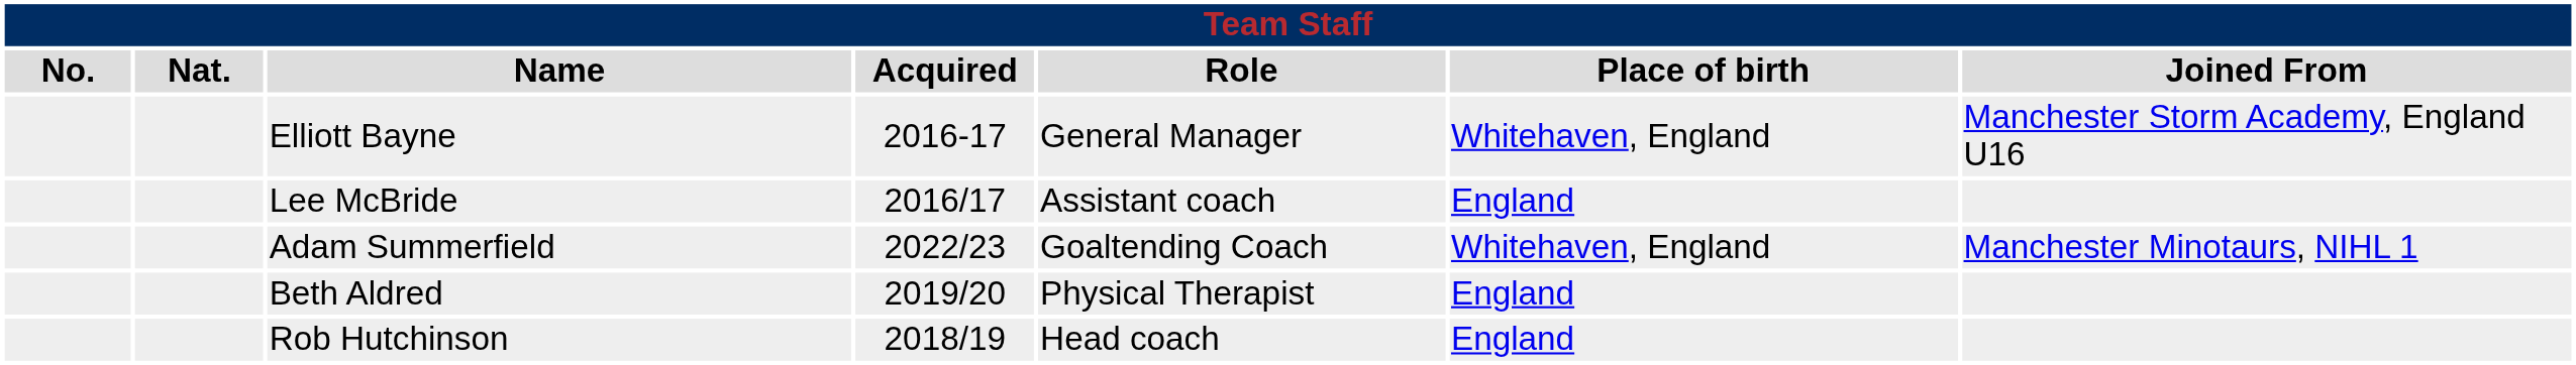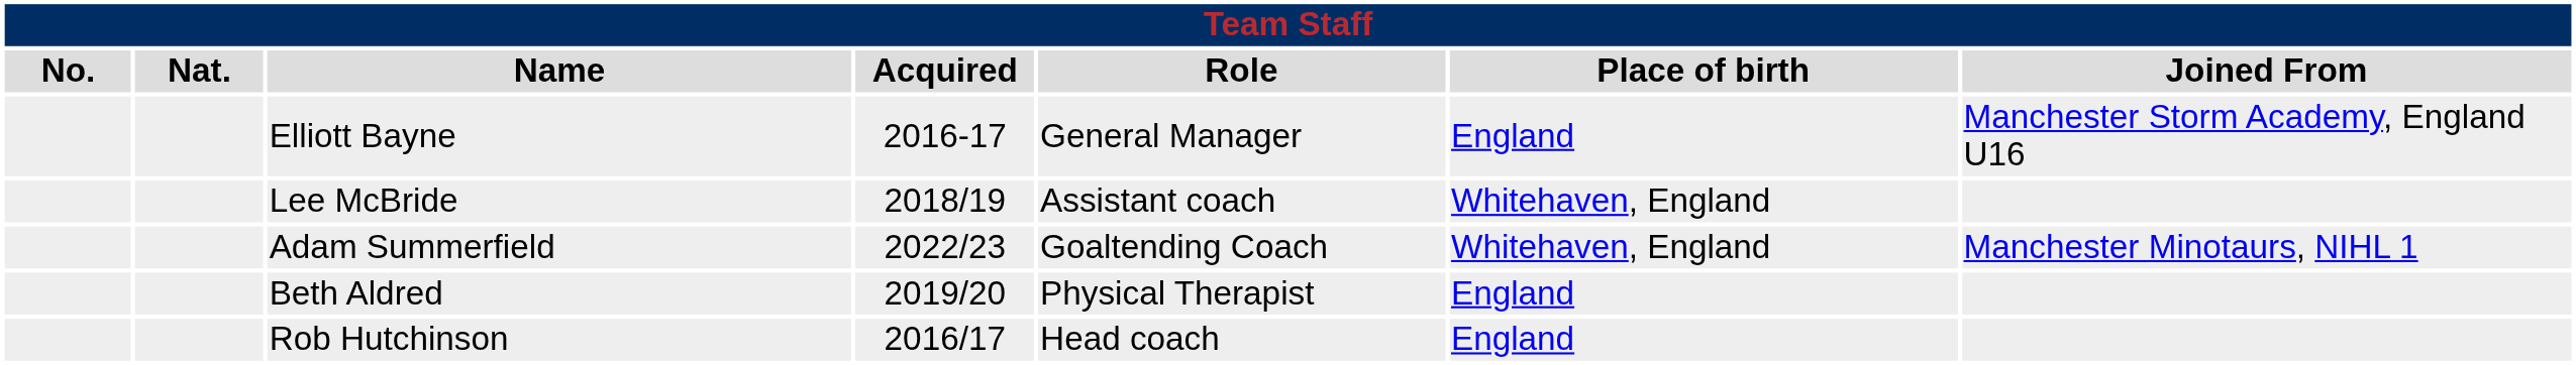 <table class="toccolours"  style="width:97%; clear:both; margin:1.5em auto; text-align:center;">
 <tr>
 <th colspan="11" style="background:#002d64; color:#b92a30;”">Team Staff</th>
 </tr>
 <tr style="background:#ddd;">
 <th width=5%>No.</th>
 <th width=5%>Nat.</th>
 <th !width=22%>Name</th>
 <th width=7%>Acquired</th>
 <th width=16%>Role</th>
 <th width=20%>Place of birth</th>
 <th width=24%>Joined From</th>
 </tr>
 <tr style="background:#eee;">
 <td></td>
 <td></td>
 <td align=left>Elliott Bayne</td>
 <td>2016-17</td>
 <td align=left>General Manager</td>
-<td align=left><a href='#'>Whitehaven</a>, England</td>
+<td align=left><a href='#'>England</a></td>
 <td align=left><a href='#'>Manchester Storm Academy</a>, England U16</td>
 </tr>
 <tr style="background:#eee;">
 <td></td>
 <td></td>
 <td align=left>Lee McBride</td>
-<td>2016/17</td>
+<td>2018/19</td>
 <td align=left>Assistant coach</td>
-<td align=left><a href='#'>England</a></td>
+<td align=left><a href='#'>Whitehaven</a>, England</td>
 <td align=left></td>
 </tr>
 <tr style="background:#eee;">
 <td></td>
 <td></td>
 <td align=left>Adam Summerfield</td>
 <td>2022/23</td>
 <td align=left>Goaltending Coach</td>
 <td align=left><a href='#'>Whitehaven</a>, England</td>
 <td align=left><a href='#'>Manchester Minotaurs</a>, <a href='#'>NIHL 1</a></td>
 </tr>
 <tr style="background:#eee;">
 <td></td>
 <td></td>
 <td align=left>Beth Aldred</td>
 <td>2019/20</td>
 <td align=left>Physical Therapist</td>
 <td align=left><a href='#'>England</a></td>
 <td align=left></td>
 </tr>
 <tr style="background:#eee;">
 <td></td>
 <td></td>
 <td align=left>Rob Hutchinson</td>
-<td>2018/19</td>
+<td>2016/17</td>
 <td align=left>Head coach</td>
 <td align=left><a href='#'>England</a></td>
 <td align=left></td>
 </tr>
 </table>
